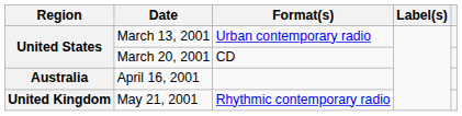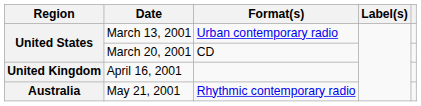 <table class="wikitable plainrowheaders">
 <tr>
 <th scope="col">Region</th>
 <th scope="col">Date</th>
 <th scope="col">Format(s)</th>
 <th scope="col">Label(s)</th>
 <th scope="col"></th>
 </tr>
 <tr>
 <th rowspan="2" scope="row">United States</th>
 <td>March 13, 2001</td>
 <td><a href='#'>Urban contemporary radio</a></td>
 <td rowspan="4"></td>
 <td align="center"></td>
 </tr>
 <tr>
 <td>March 20, 2001</td>
 <td>CD</td>
 <td align="center"></td>
 </tr>
 <tr>
-<th scope="row">Australia</th>
+<th scope="row">United Kingdom</th>
 <td>April 16, 2001</td>
 <td></td>
 <td align="center"></td>
 </tr>
 <tr>
-<th scope="row">United Kingdom</th>
+<th scope="row">Australia</th>
 <td>May 21, 2001</td>
 <td><a href='#'>Rhythmic contemporary radio</a></td>
 <td align="center"></td>
 </tr>
 </table>
